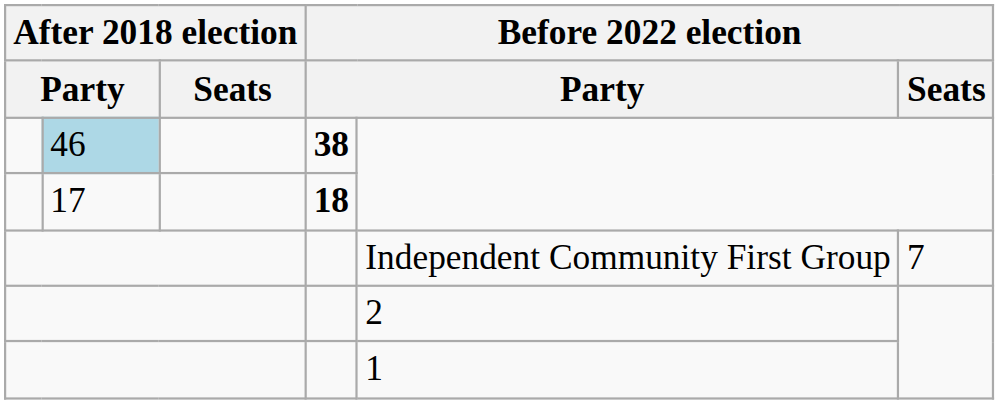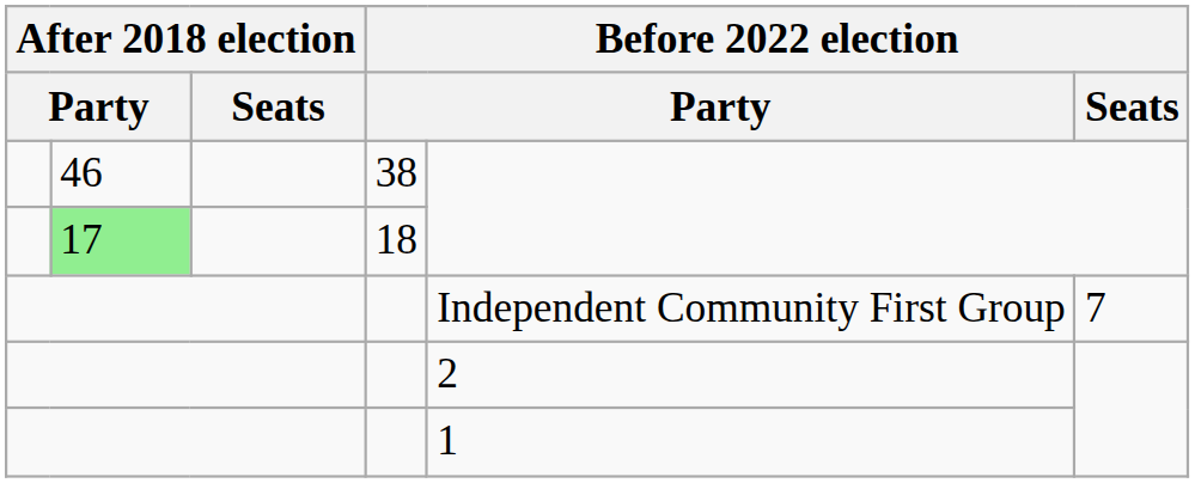 <table class="wikitable">
 <tr>
 <th colspan="3">After 2018 election</th>
 <th colspan="3">Before 2022 election</th>
 </tr>
 <tr>
 <th colspan="2">Party</th>
 <th>Seats</th>
 <th colspan="2">Party</th>
 <th>Seats</th>
 </tr>
 <tr>
 <td></td>
-<td style="background: lightblue;">46</td>
+<td>46</td>
 <td></td>
-<td><strong>38</strong></td>
+<td>38</td>
 </tr>
 <tr>
 <td></td>
-<td>17</td>
+<td style="background: lightgreen;">17</td>
 <td></td>
-<td><strong>18</strong></td>
+<td>18</td>
 </tr>
 <tr>
 <td colspan=3></td>
 <td></td>
 <td>Independent Community First Group</td>
 <td>7</td>
 </tr>
 <tr>
 <td colspan=3></td>
 <td></td>
 <td>2</td>
 </tr>
 <tr>
 <td colspan=3></td>
 <td></td>
 <td>1</td>
 </tr>
 </table>
